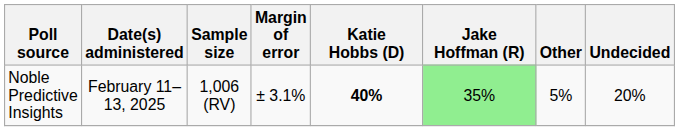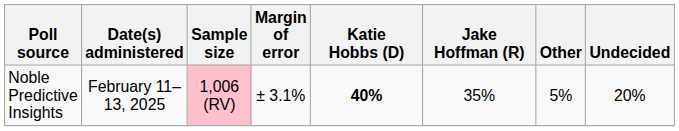 <table class="wikitable" style="font-size:90%;text-align:center;">
 <tr valign=bottom>
 <th>Poll source</th>
 <th>Date(s)<br>administered</th>
 <th>Sample<br>size</th>
 <th>Margin<br>of error</th>
 <th style="width:100px;">Katie<br>Hobbs (D)</th>
 <th style="width:100px;">Jake<br>Hoffman (R)</th>
 <th>Other</th>
 <th>Undecided</th>
 </tr>
 <tr>
 <td style="text-align:left;">Noble Predictive Insights</td>
 <td>February 11–13, 2025</td>
-<td>1,006 (RV)</td>
+<td style="background: pink;">1,006 (RV)</td>
 <td>± 3.1%</td>
 <td><strong>40%</strong></td>
-<td style="background: lightgreen;">35%</td>
+<td>35%</td>
 <td>5%</td>
 <td>20%</td>
 </tr>
 <tr>
 </tr>
 </table>
